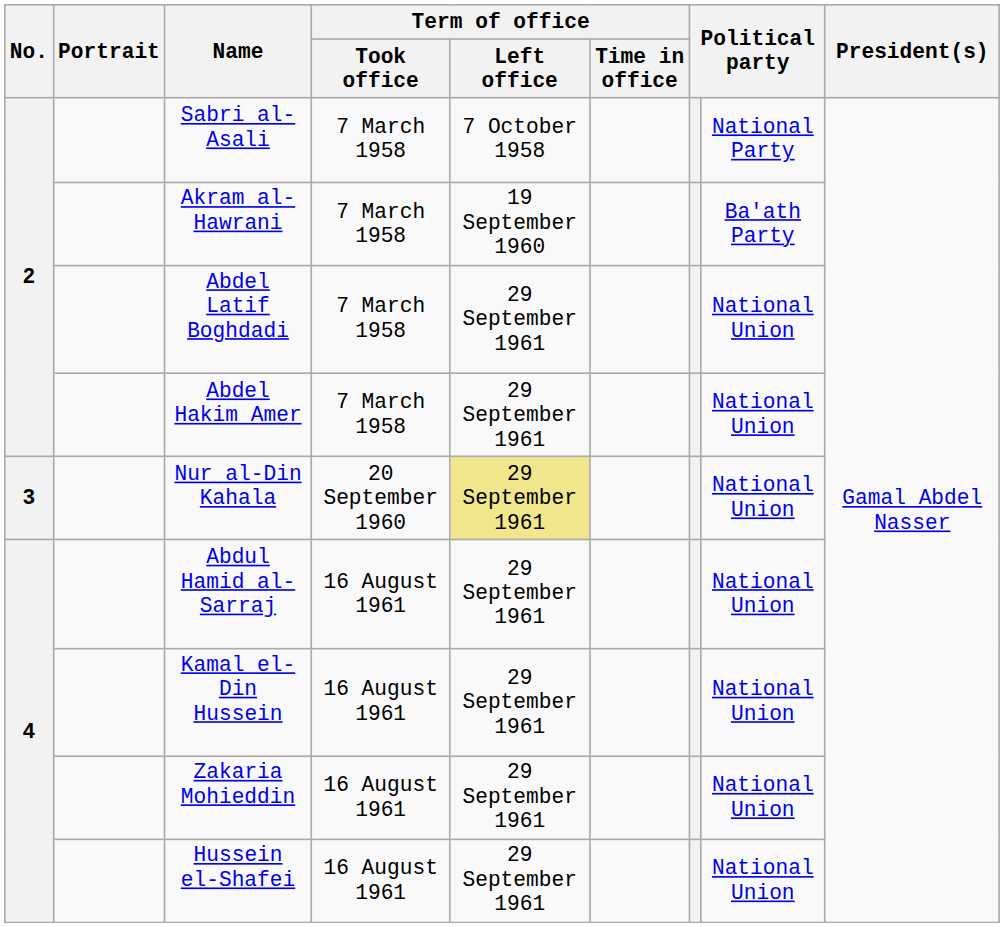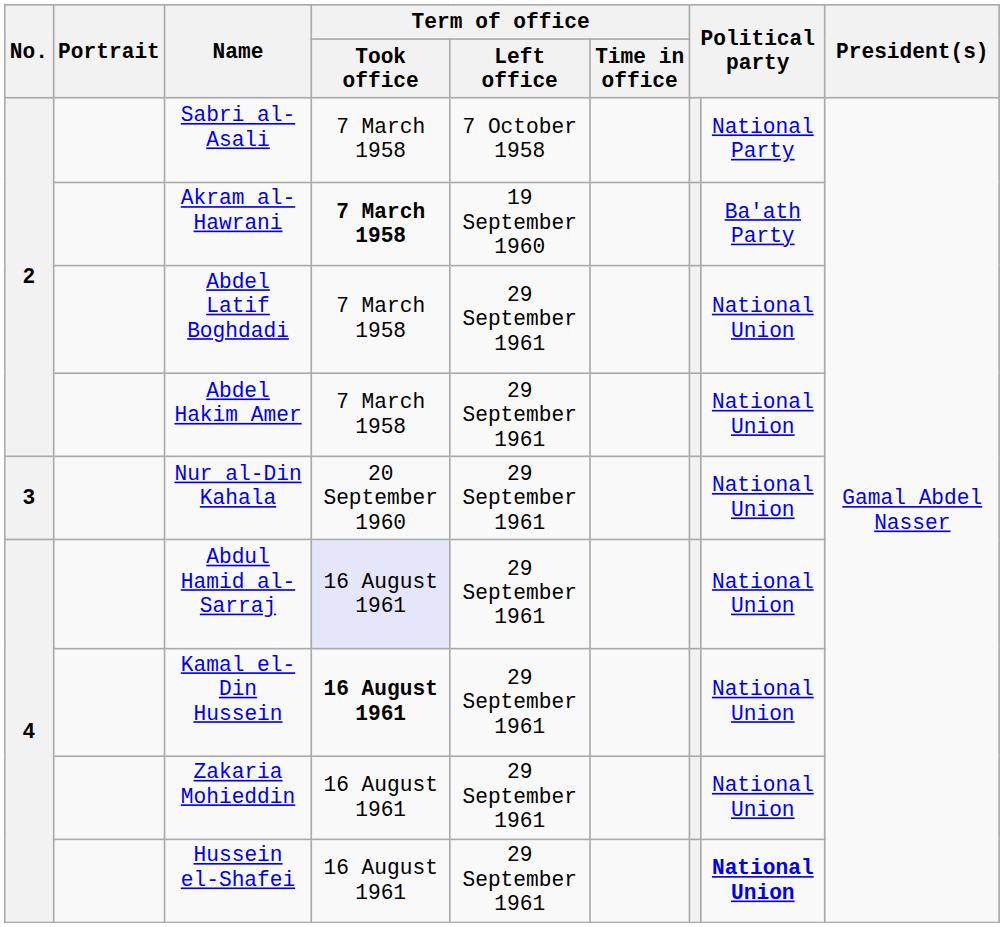 <table class="wikitable" style="text-align:center">
 <tr>
 <th rowspan="2">No.</th>
 <th rowspan="2">Portrait</th>
 <th rowspan="2">Name<br></th>
 <th colspan="3">Term of office</th>
 <th colspan="2" rowspan="2">Political party</th>
 <th rowspan="2">President(s)</th>
 </tr>
 <tr>
 <th>Took office</th>
 <th>Left office</th>
 <th>Time in office</th>
 </tr>
 <tr>
 <th rowspan="4">2</th>
 <td></td>
 <td><a href='#'>Sabri al-Asali</a><br><br></td>
 <td>7 March 1958</td>
 <td>7 October 1958</td>
 <td></td>
 <th style="background:"></th>
 <td><a href='#'>National Party</a></td>
 <td rowspan="9"><a href='#'>Gamal Abdel Nasser</a></td>
 </tr>
 <tr>
 <td></td>
 <td><a href='#'>Akram al-Hawrani</a><br><br></td>
-<td>7 March 1958</td>
+<td><strong>7 March 1958</strong></td>
 <td>19 September 1960</td>
 <td></td>
 <th style="background:"></th>
 <td><a href='#'>Ba'ath Party</a><br></td>
 </tr>
 <tr>
 <td></td>
 <td><a href='#'>Abdel Latif Boghdadi</a><br><br></td>
 <td>7 March 1958</td>
 <td>29 September 1961</td>
 <td></td>
 <th style="background:"></th>
 <td><a href='#'>National Union</a></td>
 </tr>
 <tr>
 <td></td>
 <td><a href='#'>Abdel Hakim Amer</a><br><br></td>
 <td>7 March 1958</td>
 <td>29 September 1961</td>
 <td></td>
 <th style="background:"></th>
 <td><a href='#'>National Union</a></td>
 </tr>
 <tr>
 <th>3</th>
 <td></td>
 <td><a href='#'>Nur al-Din Kahala</a><br><br></td>
 <td>20 September 1960</td>
-<td style="background: khaki;">29 September 1961</td>
+<td>29 September 1961</td>
 <td></td>
 <th style="background:"></th>
 <td><a href='#'>National Union</a></td>
 </tr>
 <tr>
 <th rowspan="4">4</th>
 <td></td>
 <td><a href='#'>Abdul Hamid al-Sarraj</a><br><br></td>
-<td>16 August 1961</td>
+<td style="background: lavender;">16 August 1961</td>
 <td>29 September 1961</td>
 <td></td>
 <th style="background:"></th>
 <td><a href='#'>National Union</a></td>
 </tr>
 <tr>
 <td></td>
 <td><a href='#'>Kamal el-Din Hussein</a><br><br></td>
-<td>16 August 1961</td>
+<td><strong>16 August 1961</strong></td>
 <td>29 September 1961</td>
 <td></td>
 <th style="background:"></th>
 <td><a href='#'>National Union</a></td>
 </tr>
 <tr>
 <td></td>
 <td><a href='#'>Zakaria Mohieddin</a><br><br></td>
 <td>16 August 1961</td>
 <td>29 September 1961</td>
 <td></td>
 <th style="background:"></th>
 <td><a href='#'>National Union</a></td>
 </tr>
 <tr>
 <td></td>
 <td><a href='#'>Hussein el-Shafei</a><br><br></td>
 <td>16 August 1961</td>
 <td>29 September 1961</td>
 <td></td>
 <th style="background:"></th>
-<td><a href='#'>National Union</a></td>
+<td><strong><a href='#'>National Union</a></strong></td>
 </tr>
 </table>
